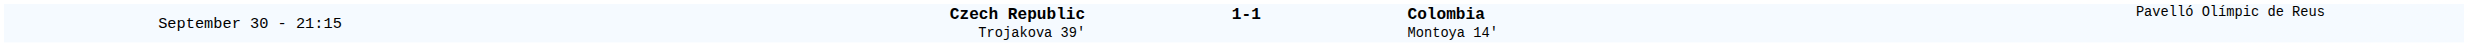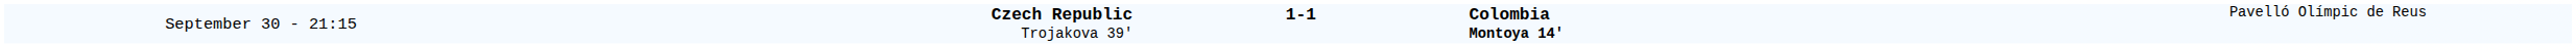 <table style="width: 100%; background:#F5FAFF;" cellspacing="0">
 <tr>
 <td style=font-size:95% align=center rowspan=3 width=20%>September 30 - 21:15</td>
 </tr>
 <tr>
 <td width=24% align=right><strong>Czech Republic</strong></td>
 <td align=center width=13%><strong>1-1</strong></td>
 <td width=24%><strong>Colombia</strong></td>
 <td style=font-size:85% rowspan=3 valign=top align=center>Pavelló Olímpic de Reus</td>
 </tr>
 <tr style=font-size:85%>
 <td align=right valign=top>Trojakova 39'</td>
 <td></td>
-<td valign=top>Montoya 14'</td>
+<td valign=top><strong>Montoya 14'</strong></td>
 </tr>
 </table>
